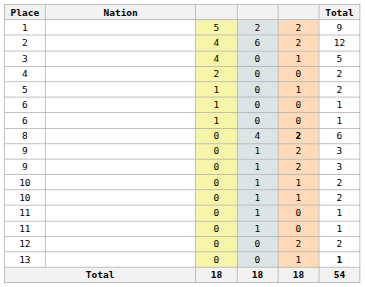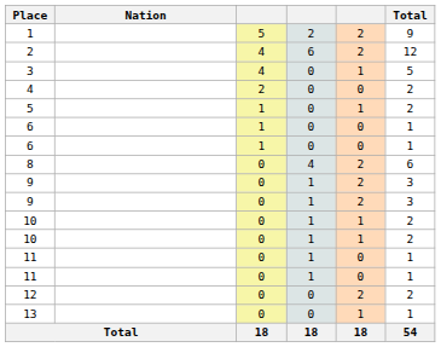 <table class="wikitable" style="border:1px solid #aaa;">
 <tr style="background:#efefef;">
 <th width=50>Place</th>
 <th width=200>Nation</th>
 <th width=50></th>
 <th width=50></th>
 <th width=50></th>
 <th width=50>Total</th>
 </tr>
 <tr style="text-align:center; background:#fff;">
 <td>1</td>
 <td style="text-align:left;"></td>
 <td style="background:#F7F6A8;">5</td>
 <td style="background:#DCE5E5;">2</td>
 <td style="background:#FFDAB9;">2</td>
 <td>9</td>
 </tr>
 <tr style="text-align:center; background:#fff;">
 <td>2</td>
 <td style="text-align:left;"></td>
 <td style="background:#F7F6A8;">4</td>
 <td style="background:#DCE5E5;">6</td>
 <td style="background:#FFDAB9;">2</td>
 <td>12</td>
 </tr>
 <tr style="text-align:center; background:#fff;">
 <td>3</td>
 <td style="text-align:left;"></td>
 <td style="background:#F7F6A8;">4</td>
 <td style="background:#DCE5E5;">0</td>
 <td style="background:#FFDAB9;">1</td>
 <td>5</td>
 </tr>
 <tr style="text-align:center; background:#fff;">
 <td>4</td>
 <td style="text-align:left;"></td>
 <td style="background:#F7F6A8;">2</td>
 <td style="background:#DCE5E5;">0</td>
 <td style="background:#FFDAB9;">0</td>
 <td>2</td>
 </tr>
 <tr style="text-align:center; background:#fff;">
 <td>5</td>
 <td style="text-align:left;"></td>
 <td style="background:#F7F6A8;">1</td>
 <td style="background:#DCE5E5;">0</td>
 <td style="background:#FFDAB9;">1</td>
 <td>2</td>
 </tr>
 <tr style="text-align:center; background:#fff;">
 <td>6</td>
 <td style="text-align:left;"></td>
 <td style="background:#F7F6A8;">1</td>
 <td style="background:#DCE5E5;">0</td>
 <td style="background:#FFDAB9;">0</td>
 <td>1</td>
 </tr>
 <tr style="text-align:center; background:#fff;">
 <td>6</td>
 <td style="text-align:left;"></td>
 <td style="background:#F7F6A8;">1</td>
 <td style="background:#DCE5E5;">0</td>
 <td style="background:#FFDAB9;">0</td>
 <td>1</td>
 </tr>
 <tr style="text-align:center; background:#fff;">
 <td>8</td>
 <td style="text-align:left;"></td>
 <td style="background:#F7F6A8;">0</td>
 <td style="background:#DCE5E5;">4</td>
-<td style="background:#FFDAB9;"><strong>2</strong></td>
+<td style="background:#FFDAB9;">2</td>
 <td>6</td>
 </tr>
 <tr style="text-align:center; background:#fff;">
 <td>9</td>
 <td style="text-align:left;"></td>
 <td style="background:#F7F6A8;">0</td>
 <td style="background:#DCE5E5;">1</td>
 <td style="background:#FFDAB9;">2</td>
 <td>3</td>
 </tr>
 <tr style="text-align:center; background:#fff;">
 <td>9</td>
 <td style="text-align:left;"></td>
 <td style="background:#F7F6A8;">0</td>
 <td style="background:#DCE5E5;">1</td>
 <td style="background:#FFDAB9;">2</td>
 <td>3</td>
 </tr>
 <tr style="text-align:center; background:#fff;">
 <td>10</td>
 <td style="text-align:left;"></td>
 <td style="background:#F7F6A8;">0</td>
 <td style="background:#DCE5E5;">1</td>
 <td style="background:#FFDAB9;">1</td>
 <td>2</td>
 </tr>
 <tr style="text-align:center; background:#fff;">
 <td>10</td>
 <td style="text-align:left;"></td>
 <td style="background:#F7F6A8;">0</td>
 <td style="background:#DCE5E5;">1</td>
 <td style="background:#FFDAB9;">1</td>
 <td>2</td>
 </tr>
 <tr style="text-align:center; background:#fff;">
 <td>11</td>
 <td style="text-align:left;"></td>
 <td style="background:#F7F6A8;">0</td>
 <td style="background:#DCE5E5;">1</td>
 <td style="background:#FFDAB9;">0</td>
 <td>1</td>
 </tr>
 <tr style="text-align:center; background:#fff;">
 <td>11</td>
 <td style="text-align:left;"></td>
 <td style="background:#F7F6A8;">0</td>
 <td style="background:#DCE5E5;">1</td>
 <td style="background:#FFDAB9;">0</td>
 <td>1</td>
 </tr>
 <tr style="text-align:center; background:#fff;">
 <td>12</td>
 <td style="text-align:left;"></td>
 <td style="background:#F7F6A8;">0</td>
 <td style="background:#DCE5E5;">0</td>
 <td style="background:#FFDAB9;">2</td>
 <td>2</td>
 </tr>
 <tr style="text-align:center; background:#fff;">
 <td>13</td>
 <td style="text-align:left;"></td>
 <td style="background:#F7F6A8;">0</td>
 <td style="background:#DCE5E5;">0</td>
 <td style="background:#FFDAB9;">1</td>
-<td><strong>1</strong></td>
+<td>1</td>
 </tr>
 <tr style="background:#efefef;">
 <th colspan=2>Total</th>
 <th>18</th>
 <th>18</th>
 <th>18</th>
 <th>54</th>
 </tr>
 </table>
